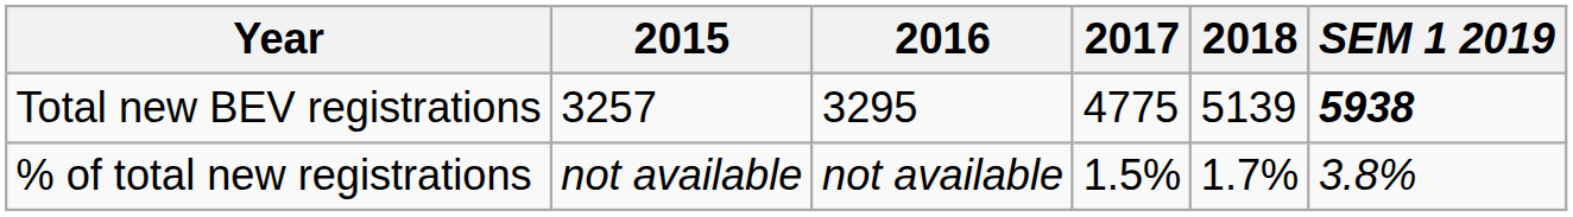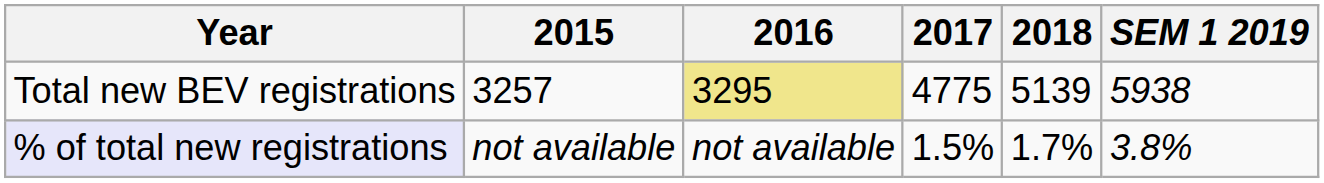 <table class="wikitable">
 <tr>
 <th>Year</th>
 <th>2015</th>
 <th>2016</th>
 <th>2017</th>
 <th>2018</th>
 <th><em>SEM 1 2019</em></th>
 </tr>
 <tr>
 <td>Total new BEV registrations</td>
 <td>3257</td>
-<td>3295</td>
+<td style="background: khaki;">3295</td>
 <td>4775</td>
 <td>5139</td>
-<td><strong><em>5938</em></strong></td>
+<td><em>5938</em></td>
 </tr>
 <tr>
-<td>% of total new registrations</td>
+<td style="background: lavender;">% of total new registrations</td>
 <td><em>not available</em></td>
 <td><em>not available</em></td>
 <td>1.5%</td>
 <td>1.7%</td>
 <td><em>3.8%</em></td>
 </tr>
 </table>
